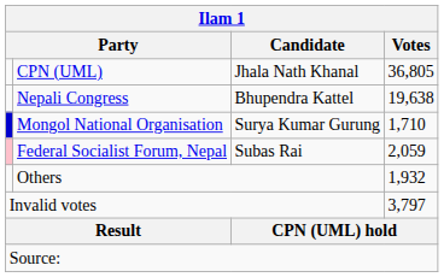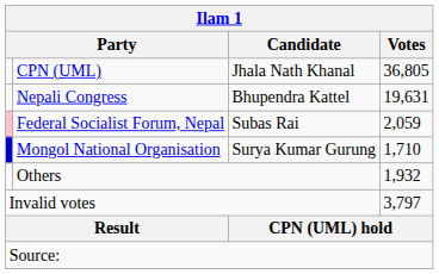 <table class="wikitable">
 <tr>
 <th colspan="4"><a href='#'>Ilam 1</a></th>
 </tr>
 <tr>
 <th colspan="2">Party</th>
 <th>Candidate</th>
 <th>Votes</th>
 </tr>
 <tr>
 <td style="background-color:"></td>
 <td><a href='#'>CPN (UML)</a></td>
 <td>Jhala Nath Khanal</td>
 <td>36,805</td>
 </tr>
 <tr>
 <td style="background-color:"></td>
 <td><a href='#'>Nepali Congress</a></td>
 <td>Bhupendra Kattel</td>
-<td>19,638</td>
+<td>19,631</td>
+</tr>
+<tr>
+<td style="background-color:pink"></td>
+<td><a href='#'>Federal Socialist Forum, Nepal</a></td>
+<td>Subas Rai</td>
+<td>2,059</td>
 </tr>
 <tr>
 <td style="background-color:mediumblue"></td>
 <td><a href='#'>Mongol National Organisation</a></td>
 <td>Surya Kumar Gurung</td>
 <td>1,710</td>
-</tr>
-<tr>
-<td style="background-color:pink"></td>
-<td><a href='#'>Federal Socialist Forum, Nepal</a></td>
-<td>Subas Rai</td>
-<td>2,059</td>
 </tr>
 <tr>
 <td></td>
 <td colspan="2">Others</td>
 <td>1,932</td>
 </tr>
 <tr>
 <td colspan="3">Invalid votes</td>
 <td>3,797</td>
 </tr>
 <tr>
 <th colspan="2">Result</th>
 <th colspan="2">CPN (UML) hold</th>
 </tr>
 <tr>
 <td colspan="4">Source: </td>
 </tr>
 </table>
